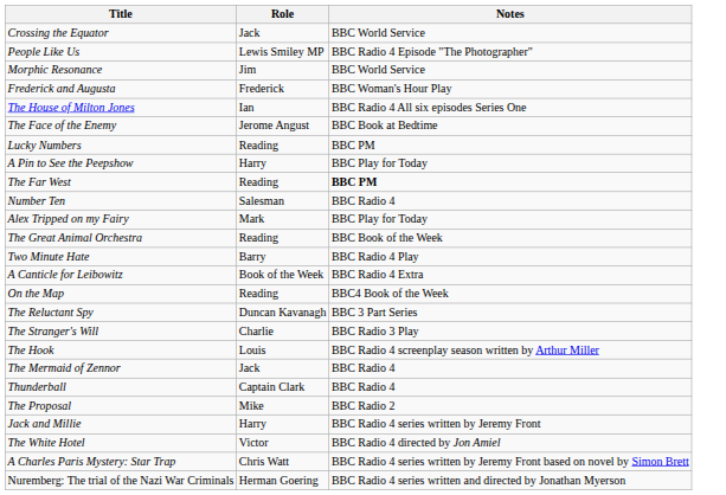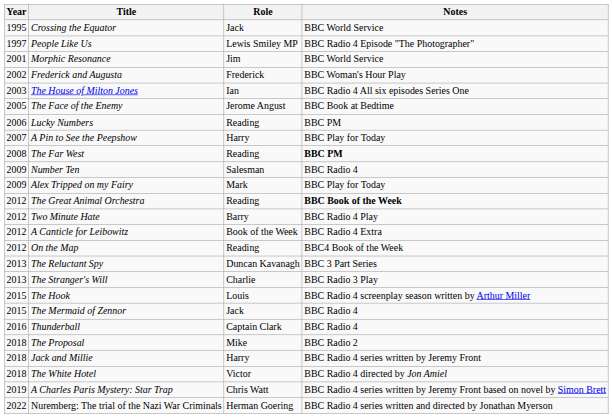 <table class="wikitable sortable">
 <tr>
+<th>Year</th>
 <th>Title</th>
 <th>Role</th>
 <th>Notes</th>
 </tr>
 <tr>
+<td>1995</td>
 <td><em>Crossing the Equator</em></td>
 <td>Jack</td>
 <td>BBC World Service</td>
 </tr>
 <tr>
+<td>1997</td>
 <td><em>People Like Us</em></td>
 <td>Lewis Smiley MP</td>
 <td>BBC Radio 4 Episode "The Photographer"</td>
 </tr>
 <tr>
+<td>2001</td>
 <td><em>Morphic Resonance</em></td>
 <td>Jim</td>
 <td>BBC World Service</td>
 </tr>
 <tr>
+<td>2002</td>
 <td><em>Frederick and Augusta</em></td>
 <td>Frederick</td>
 <td>BBC Woman's Hour Play</td>
 </tr>
 <tr>
+<td>2003</td>
 <td><em><a href='#'>The House of Milton Jones</a></em></td>
 <td>Ian</td>
 <td>BBC Radio 4 All six episodes Series One</td>
 </tr>
 <tr>
+<td>2005</td>
 <td><em>The Face of the Enemy</em></td>
 <td>Jerome Angust</td>
 <td>BBC Book at Bedtime</td>
 </tr>
 <tr>
+<td>2006</td>
 <td><em>Lucky Numbers</em></td>
 <td>Reading</td>
 <td>BBC PM</td>
 </tr>
 <tr>
+<td>2007</td>
 <td><em>A Pin to See the Peepshow</em></td>
 <td>Harry</td>
 <td>BBC Play for Today</td>
 </tr>
 <tr>
+<td>2008</td>
 <td><em>The Far West</em></td>
 <td>Reading</td>
 <td><strong>BBC PM</strong></td>
 </tr>
 <tr>
+<td>2009</td>
 <td><em>Number Ten</em></td>
 <td>Salesman</td>
 <td>BBC Radio 4</td>
 </tr>
 <tr>
+<td>2009</td>
 <td><em>Alex Tripped on my Fairy</em></td>
 <td>Mark</td>
 <td>BBC Play for Today</td>
 </tr>
 <tr>
+<td>2012</td>
 <td><em>The Great Animal Orchestra</em></td>
 <td>Reading</td>
-<td>BBC Book of the Week</td>
+<td><strong>BBC Book of the Week</strong></td>
 </tr>
 <tr>
+<td>2012</td>
 <td><em>Two Minute Hate</em></td>
 <td>Barry</td>
 <td>BBC Radio 4 Play</td>
 </tr>
 <tr>
+<td>2012</td>
 <td><em>A Canticle for Leibowitz</em></td>
 <td>Book of the Week</td>
 <td>BBC Radio 4 Extra</td>
 </tr>
 <tr>
+<td>2012</td>
 <td><em>On the Map</em></td>
 <td>Reading</td>
 <td>BBC4 Book of the Week</td>
 </tr>
 <tr>
+<td>2013</td>
 <td><em>The Reluctant Spy</em></td>
 <td>Duncan Kavanagh</td>
 <td>BBC 3 Part Series</td>
 </tr>
 <tr>
+<td>2013</td>
 <td><em>The Stranger's Will</em></td>
 <td>Charlie</td>
 <td>BBC Radio 3 Play</td>
 </tr>
 <tr>
+<td>2015</td>
 <td><em>The Hook</em></td>
 <td>Louis</td>
 <td>BBC Radio 4 screenplay season written by <a href='#'>Arthur Miller</a></td>
 </tr>
 <tr>
+<td>2015</td>
 <td><em>The Mermaid of Zennor</em></td>
 <td>Jack</td>
 <td>BBC Radio 4</td>
 </tr>
 <tr>
+<td>2016</td>
 <td><em>Thunderball</em></td>
 <td>Captain Clark</td>
 <td>BBC Radio 4</td>
 </tr>
 <tr>
+<td>2018</td>
 <td><em>The Proposal</em></td>
 <td>Mike</td>
 <td>BBC Radio 2</td>
 </tr>
 <tr>
+<td>2018</td>
 <td><em>Jack and Millie</em></td>
 <td>Harry</td>
 <td>BBC Radio 4 series written by Jeremy Front</td>
 </tr>
 <tr>
+<td>2018</td>
 <td><em>The White Hotel</em></td>
 <td>Victor</td>
 <td>BBC Radio 4 directed by <em>Jon Amiel</em></td>
 </tr>
 <tr>
+<td>2019</td>
 <td><em>A Charles Paris Mystery: Star Trap </em></td>
 <td>Chris Watt</td>
 <td>BBC Radio 4 series written by Jeremy Front based on novel by <a href='#'>Simon Brett</a></td>
 </tr>
 <tr>
+<td>2022</td>
 <td>Nuremberg: The trial of the Nazi War Criminals</td>
 <td>Herman Goering</td>
 <td>BBC Radio 4 series written and directed by Jonathan Myerson</td>
 </tr>
 </table>
